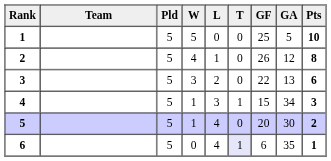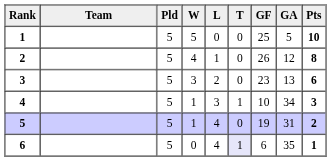 <table border=1 cellpadding=5 cellspacing=0>
 <tr>
 <th bgcolor="#efefef" width="20">Rank</th>
 <th bgcolor="#efefef" width="150">Team</th>
 <th bgcolor="#efefef" width="20">Pld</th>
 <th bgcolor="#efefef" width="20">W</th>
 <th bgcolor="#efefef" width="20">L</th>
 <th bgcolor="#efefef" width="20">T</th>
 <th bgcolor="#efefef" width="20">GF</th>
 <th bgcolor="#efefef" width="20">GA</th>
 <th bgcolor="#efefef" width="20">Pts</th>
 </tr>
 <tr align=center>
 <td><strong>1</strong></td>
 <td align=left></td>
 <td>5</td>
 <td>5</td>
 <td>0</td>
 <td>0</td>
 <td>25</td>
 <td>5</td>
 <td><strong>10</strong></td>
 </tr>
 <tr align=center>
 <td><strong>2</strong></td>
 <td align=left></td>
 <td>5</td>
 <td>4</td>
 <td>1</td>
 <td>0</td>
 <td>26</td>
 <td>12</td>
 <td><strong>8</strong></td>
 </tr>
 <tr align=center>
 <td><strong>3</strong></td>
 <td align=left></td>
 <td>5</td>
 <td>3</td>
 <td>2</td>
 <td>0</td>
-<td>22</td>
+<td>23</td>
 <td>13</td>
 <td><strong>6</strong></td>
 </tr>
 <tr align=center>
 <td><strong>4</strong></td>
 <td align=left></td>
 <td>5</td>
 <td>1</td>
 <td>3</td>
 <td>1</td>
-<td>15</td>
+<td>10</td>
 <td>34</td>
 <td><strong>3</strong></td>
 </tr>
 <tr align=center bgcolor="ccccff">
 <td><strong>5</strong></td>
 <td align=left></td>
 <td>5</td>
 <td>1</td>
 <td>4</td>
 <td>0</td>
-<td>20</td>
-<td>30</td>
+<td>19</td>
+<td>31</td>
 <td><strong>2</strong></td>
 </tr>
 <tr align=center>
 <td><strong>6</strong></td>
 <td align=left></td>
 <td>5</td>
 <td>0</td>
 <td>4</td>
 <td style="background: lavender;">1</td>
 <td>6</td>
 <td>35</td>
 <td><strong>1</strong></td>
 </tr>
 </table>
